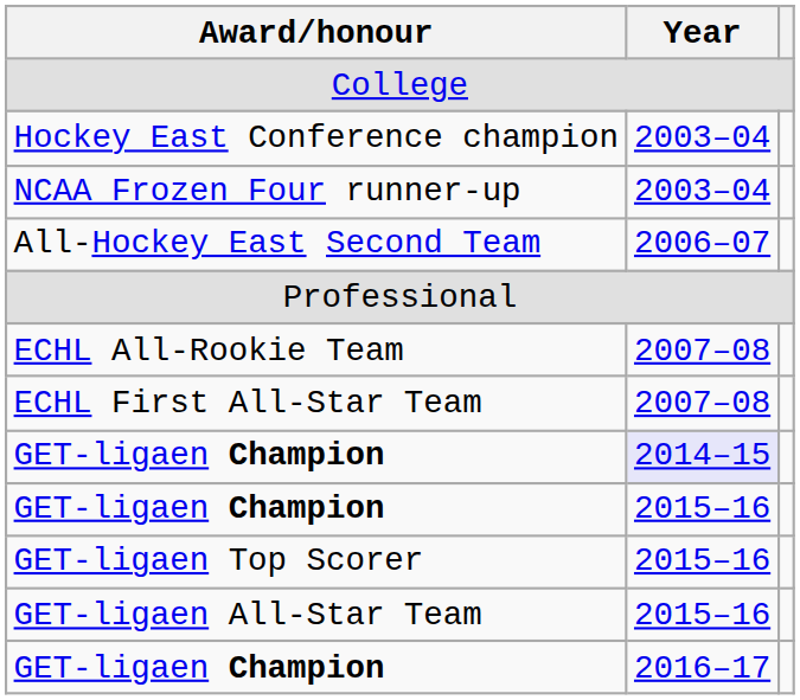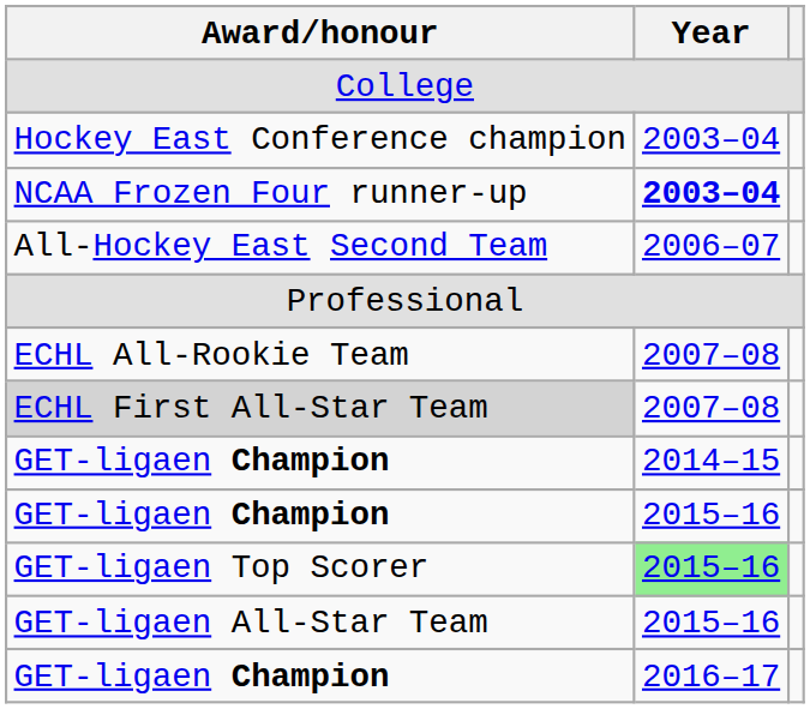 <table class="wikitable">
 <tr>
 <th>Award/honour</th>
 <th>Year</th>
 <th></th>
 </tr>
 <tr ALIGN="center" bgcolor="#e0e0e0">
 <td colspan="3"><a href='#'>College</a></td>
 </tr>
 <tr>
 <td><a href='#'>Hockey East</a> Conference champion</td>
 <td><a href='#'>2003–04</a></td>
 <td></td>
 </tr>
 <tr>
 <td><a href='#'>NCAA Frozen Four</a> runner-up</td>
-<td><a href='#'>2003–04</a></td>
+<td><strong><a href='#'>2003–04</a></strong></td>
 <td></td>
 </tr>
 <tr>
 <td>All-<a href='#'>Hockey East</a> <a href='#'>Second Team</a></td>
 <td><a href='#'>2006–07</a></td>
 <td></td>
 </tr>
 <tr ALIGN="center" bgcolor="#e0e0e0">
 <td colspan="3">Professional</td>
 </tr>
 <tr>
 <td><a href='#'>ECHL</a> All-Rookie Team</td>
 <td><a href='#'>2007–08</a></td>
 <td></td>
 </tr>
 <tr>
-<td><a href='#'>ECHL</a> First All-Star Team</td>
+<td style="background: lightgrey;"><a href='#'>ECHL</a> First All-Star Team</td>
 <td><a href='#'>2007–08</a></td>
 <td></td>
 </tr>
 <tr>
 <td><a href='#'>GET-ligaen</a> <strong>Champion</strong></td>
-<td style="background: lavender;"><a href='#'>2014–15</a></td>
+<td><a href='#'>2014–15</a></td>
 <td></td>
 </tr>
 <tr>
 <td><a href='#'>GET-ligaen</a> <strong>Champion</strong></td>
 <td><a href='#'>2015–16</a></td>
 <td></td>
 </tr>
 <tr>
 <td><a href='#'>GET-ligaen</a> Top Scorer</td>
-<td><a href='#'>2015–16</a></td>
+<td style="background: lightgreen;"><a href='#'>2015–16</a></td>
 <td></td>
 </tr>
 <tr>
 <td><a href='#'>GET-ligaen</a> All-Star Team</td>
 <td><a href='#'>2015–16</a></td>
 <td></td>
 </tr>
 <tr>
 <td><a href='#'>GET-ligaen</a> <strong>Champion</strong></td>
 <td><a href='#'>2016–17</a></td>
 <td></td>
 </tr>
 </table>
